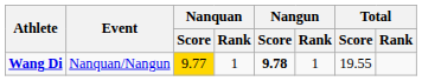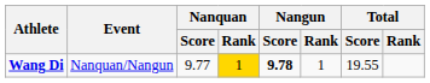 <table class="wikitable" style="text-align:center; font-size:90%">
 <tr>
 <th rowspan="2">Athlete</th>
 <th rowspan="2">Event</th>
 <th colspan="2">Nanquan</th>
 <th colspan="2">Nangun</th>
 <th colspan="2">Total</th>
 </tr>
 <tr>
 <th>Score</th>
 <th>Rank</th>
 <th>Score</th>
 <th>Rank</th>
 <th>Score</th>
 <th>Rank</th>
 </tr>
 <tr>
 <td align="left"><strong><a href='#'>Wang Di</a></strong></td>
 <td align="left"><a href='#'>Nanquan/Nangun</a></td>
-<td style="background: gold;">9.77</td>
-<td>1</td>
+<td>9.77</td>
+<td style="background: gold;">1</td>
 <td><strong>9.78</strong></td>
 <td>1</td>
 <td>19.55</td>
 <td align=center></td>
 </tr>
 </table>
